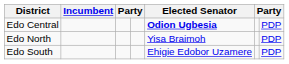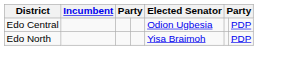 <table class="sortable wikitable" style="font-size:95%;line-height:14px;">
 <tr>
 <th class="unsortable">District</th>
 <th class="unsortable"><a href='#'>Incumbent</a></th>
 <th colspan="2">Party</th>
 <th class="unsortable">Elected Senator</th>
 <th colspan="2">Party</th>
 </tr>
 <tr>
 <td>Edo Central</td>
 <td></td>
 <td></td>
 <td></td>
-<td><strong><a href='#'>Odion Ugbesia</a></strong></td>
+<td><a href='#'>Odion Ugbesia</a></td>
 <td style="background:"></td>
 <td><a href='#'>PDP</a></td>
 </tr>
 <tr>
 <td>Edo North</td>
 <td></td>
 <td></td>
 <td></td>
 <td><a href='#'>Yisa Braimoh</a></td>
 <td style="background:"></td>
 <td><a href='#'>PDP</a></td>
 </tr>
-<tr>
-<td>Edo South</td>
-<td></td>
-<td></td>
-<td></td>
-<td><a href='#'>Ehigie Edobor Uzamere</a></td>
-<td style="background:"></td>
-<td><a href='#'>PDP</a></td>
-</tr>
 </table>
